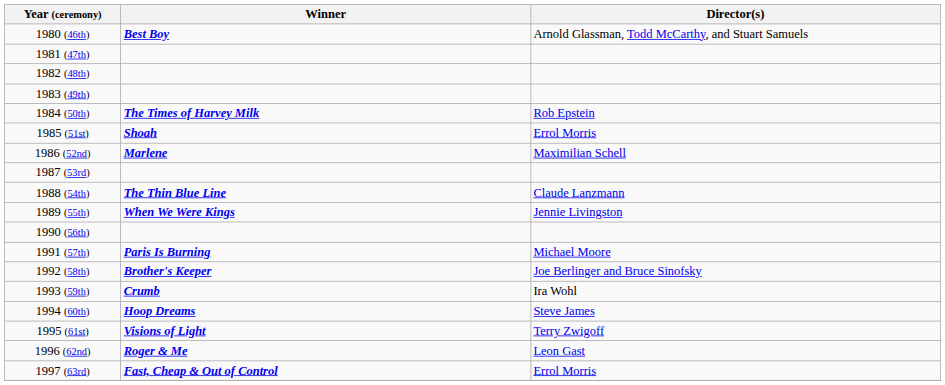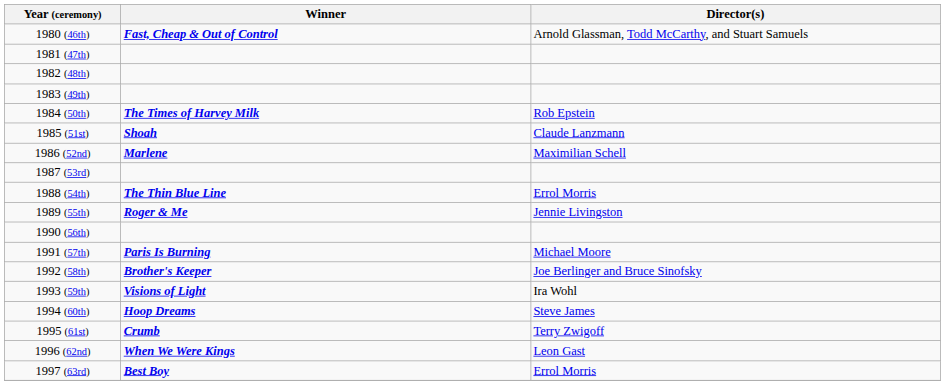 <table class="wikitable" width="95%" cellpadding="5">
 <tr>
 <th width="80"><strong>Year <small>(ceremony)</small></strong></th>
 <th width="300"><strong>Winner</strong></th>
 <th width="300"><strong>Director(s)</strong></th>
 </tr>
 <tr>
 <td style="text-align:center;">1980 <small>(<a href='#'>46th</a>)</small></td>
-<td><strong><em><a href='#'>Best Boy</a></em></strong></td>
+<td><strong><em><a href='#'>Fast, Cheap & Out of Control</a></em></strong></td>
 <td>Arnold Glassman, <a href='#'>Todd McCarthy</a>, and Stuart Samuels</td>
 </tr>
 <tr>
 <td style="text-align:center;">1981 <small>(<a href='#'>47th</a>)</small></td>
 <td></td>
 <td></td>
 </tr>
 <tr>
 <td style="text-align:center;">1982 <small>(<a href='#'>48th</a>)</small></td>
 <td></td>
 <td></td>
 </tr>
 <tr>
 <td style="text-align:center;">1983 <small>(<a href='#'>49th</a>)</small></td>
 <td></td>
 <td></td>
 </tr>
 <tr>
 <td style="text-align:center;">1984 <small>(<a href='#'>50th</a>)</small></td>
 <td><strong><em><a href='#'>The Times of Harvey Milk</a></em></strong></td>
 <td><a href='#'>Rob Epstein</a></td>
 </tr>
 <tr>
 <td style="text-align:center;">1985 <small>(<a href='#'>51st</a>)</small></td>
 <td><strong><em><a href='#'>Shoah</a></em></strong></td>
-<td><a href='#'>Errol Morris</a></td>
+<td><a href='#'>Claude Lanzmann</a></td>
 </tr>
 <tr>
 <td style="text-align:center;">1986 <small>(<a href='#'>52nd</a>)</small></td>
 <td><strong><em><a href='#'>Marlene</a></em></strong></td>
 <td><a href='#'>Maximilian Schell</a></td>
 </tr>
 <tr>
 <td style="text-align:center;">1987 <small>(<a href='#'>53rd</a>)</small></td>
 <td></td>
 <td></td>
 </tr>
 <tr>
 <td style="text-align:center;">1988 <small>(<a href='#'>54th</a>)</small></td>
 <td><strong><em><a href='#'>The Thin Blue Line</a></em></strong></td>
-<td><a href='#'>Claude Lanzmann</a></td>
+<td><a href='#'>Errol Morris</a></td>
 </tr>
 <tr>
 <td style="text-align:center;">1989 <small>(<a href='#'>55th</a>)</small></td>
-<td><strong><em><a href='#'>When We Were Kings</a></em></strong></td>
+<td><strong><em><a href='#'>Roger & Me</a></em></strong></td>
 <td><a href='#'>Jennie Livingston</a></td>
 </tr>
 <tr>
 <td style="text-align:center;">1990 <small>(<a href='#'>56th</a>)</small></td>
 <td></td>
 <td></td>
 </tr>
 <tr>
 <td style="text-align:center;">1991 <small>(<a href='#'>57th</a>)</small></td>
 <td><strong><em><a href='#'>Paris Is Burning</a></em></strong></td>
 <td><a href='#'>Michael Moore</a></td>
 </tr>
 <tr>
 <td style="text-align:center;">1992 <small>(<a href='#'>58th</a>)</small></td>
 <td><strong><em><a href='#'>Brother's Keeper</a></em></strong></td>
 <td><a href='#'>Joe Berlinger and Bruce Sinofsky</a></td>
 </tr>
 <tr>
 <td style="text-align:center;">1993 <small>(<a href='#'>59th</a>)</small></td>
-<td><strong><em><a href='#'>Crumb</a></em></strong></td>
+<td><strong><em><a href='#'>Visions of Light</a></em></strong></td>
 <td>Ira Wohl</td>
 </tr>
 <tr>
 <td style="text-align:center;">1994 <small>(<a href='#'>60th</a>)</small></td>
 <td><strong><em><a href='#'>Hoop Dreams</a></em></strong></td>
 <td><a href='#'>Steve James</a></td>
 </tr>
 <tr>
 <td style="text-align:center;">1995 <small>(<a href='#'>61st</a>)</small></td>
-<td><strong><em><a href='#'>Visions of Light</a></em></strong></td>
+<td><strong><em><a href='#'>Crumb</a></em></strong></td>
 <td><a href='#'>Terry Zwigoff</a></td>
 </tr>
 <tr>
 <td style="text-align:center;">1996 <small>(<a href='#'>62nd</a>)</small></td>
-<td><strong><em><a href='#'>Roger & Me</a></em></strong></td>
+<td><strong><em><a href='#'>When We Were Kings</a></em></strong></td>
 <td><a href='#'>Leon Gast</a></td>
 </tr>
 <tr>
 <td style="text-align:center;">1997 <small>(<a href='#'>63rd</a>)</small></td>
-<td><strong><em><a href='#'>Fast, Cheap & Out of Control</a></em></strong></td>
+<td><strong><em><a href='#'>Best Boy</a></em></strong></td>
 <td><a href='#'>Errol Morris</a></td>
 </tr>
 <tr>
 </tr>
 </table>
